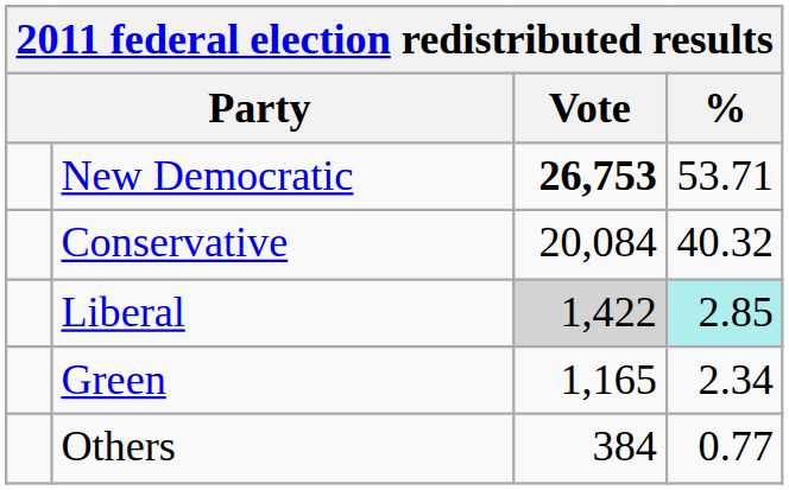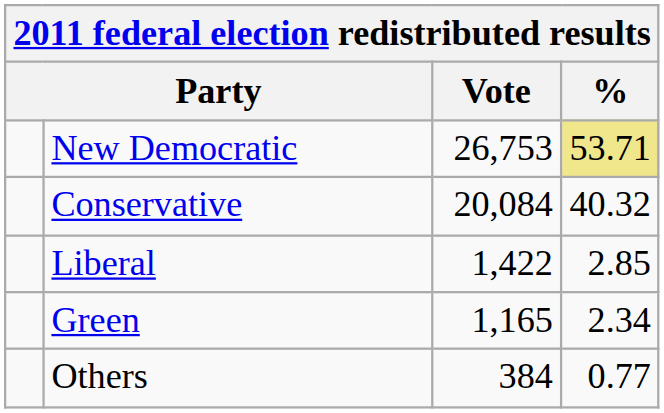 <table class="wikitable">
 <tr>
 <th colspan="4"><a href='#'>2011 federal election</a> redistributed results</th>
 </tr>
 <tr>
 <th width="130" bgcolor="#ddddff" colspan="2">Party</th>
 <th width="50" bgcolor="#ddddff">Vote</th>
 <th width="30" bgcolor="#ddddff">%</th>
 </tr>
 <tr>
 <td> </td>
 <td><a href='#'>New Democratic</a></td>
-<td align=right><strong>26,753</strong></td>
-<td align=right>53.71</td>
+<td align=right>26,753</td>
+<td align=right style="background: khaki;">53.71</td>
 </tr>
 <tr>
 <td> </td>
 <td><a href='#'>Conservative</a></td>
 <td align=right>20,084</td>
 <td align=right>40.32</td>
 </tr>
 <tr>
 <td> </td>
 <td><a href='#'>Liberal</a></td>
-<td align=right style="background: lightgrey;">1,422</td>
-<td align=right style="background: paleturquoise;">2.85</td>
+<td align=right>1,422</td>
+<td align=right>2.85</td>
 </tr>
 <tr>
 <td> </td>
 <td><a href='#'>Green</a></td>
 <td align=right>1,165</td>
 <td align=right>2.34</td>
 </tr>
 <tr>
 <td> </td>
 <td>Others</td>
 <td align=right>384</td>
 <td align=right>0.77</td>
 </tr>
 </table>
